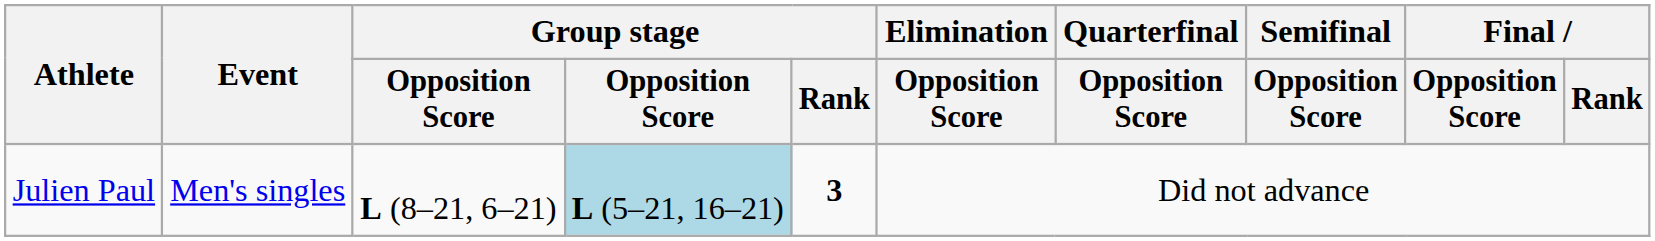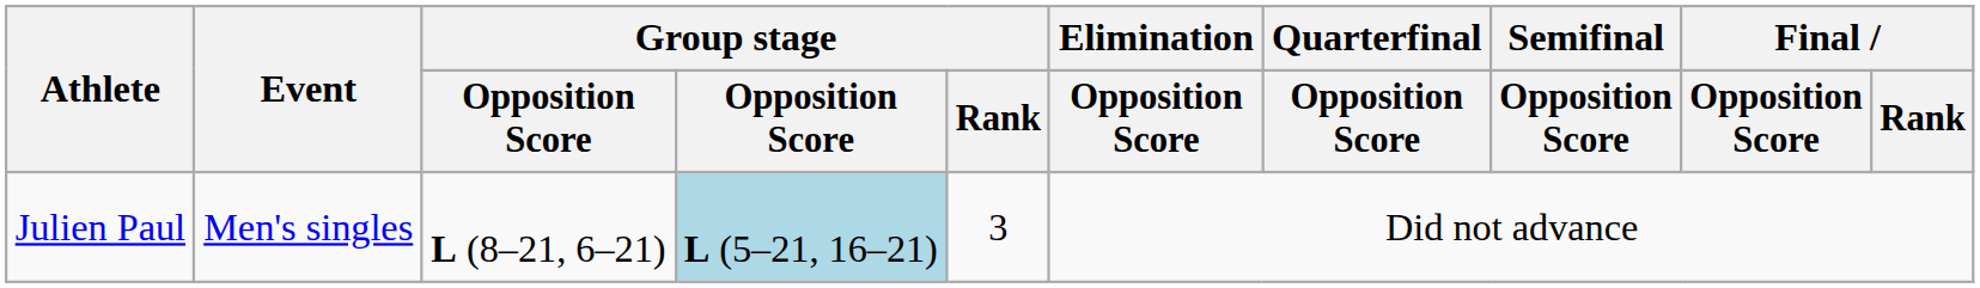 <table class="wikitable" style="font-size:90%">
 <tr>
 <th rowspan=2>Athlete</th>
 <th rowspan=2>Event</th>
 <th colspan=3>Group stage</th>
 <th>Elimination</th>
 <th>Quarterfinal</th>
 <th>Semifinal</th>
 <th colspan=2>Final / </th>
 </tr>
 <tr style="font-size:95%">
 <th>Opposition<br>Score</th>
 <th>Opposition<br>Score</th>
 <th>Rank</th>
 <th>Opposition<br>Score</th>
 <th>Opposition<br>Score</th>
 <th>Opposition<br>Score</th>
 <th>Opposition<br>Score</th>
 <th>Rank</th>
 </tr>
 <tr align=center>
 <td align=left><a href='#'>Julien Paul</a></td>
 <td align=left><a href='#'>Men's singles</a></td>
 <td><br><strong>L</strong> (8–21, 6–21)</td>
 <td style="background: lightblue;"><br><strong>L</strong> (5–21, 16–21)</td>
-<td><strong>3</strong></td>
+<td>3</td>
 <td colspan=5>Did not advance</td>
 </tr>
 </table>
